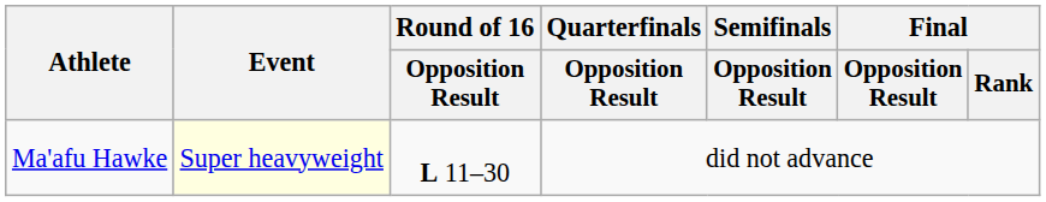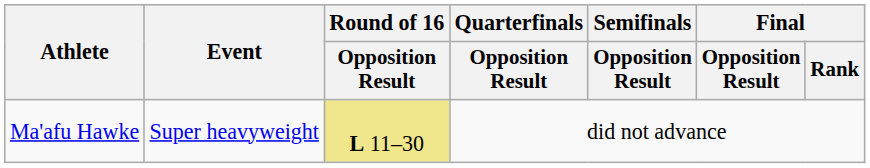 <table class="wikitable" style="font-size:90%">
 <tr>
 <th rowspan="2">Athlete</th>
 <th rowspan="2">Event</th>
 <th>Round of 16</th>
 <th>Quarterfinals</th>
 <th>Semifinals</th>
 <th colspan=2>Final</th>
 </tr>
 <tr style="font-size:95%">
 <th>Opposition<br>Result</th>
 <th>Opposition<br>Result</th>
 <th>Opposition<br>Result</th>
 <th>Opposition<br>Result</th>
 <th>Rank</th>
 </tr>
 <tr align=center>
 <td align=left><a href='#'>Ma'afu Hawke</a></td>
-<td align=left style="background: lightyellow;"><a href='#'>Super heavyweight</a></td>
-<td><br><strong>L</strong> 11–30</td>
+<td align=left><a href='#'>Super heavyweight</a></td>
+<td style="background: khaki;"><br><strong>L</strong> 11–30</td>
 <td colspan=4>did not advance</td>
 </tr>
 </table>
